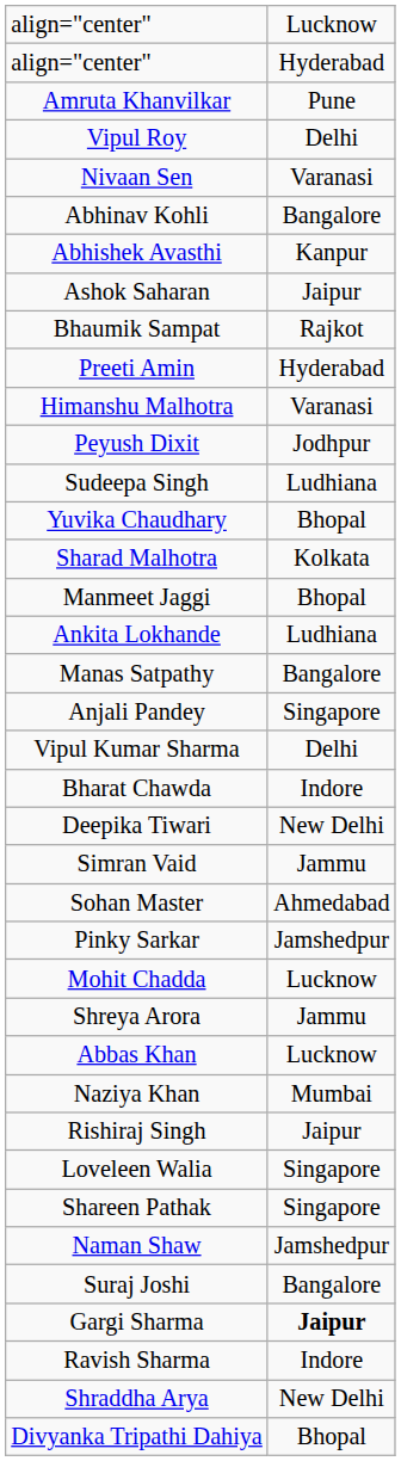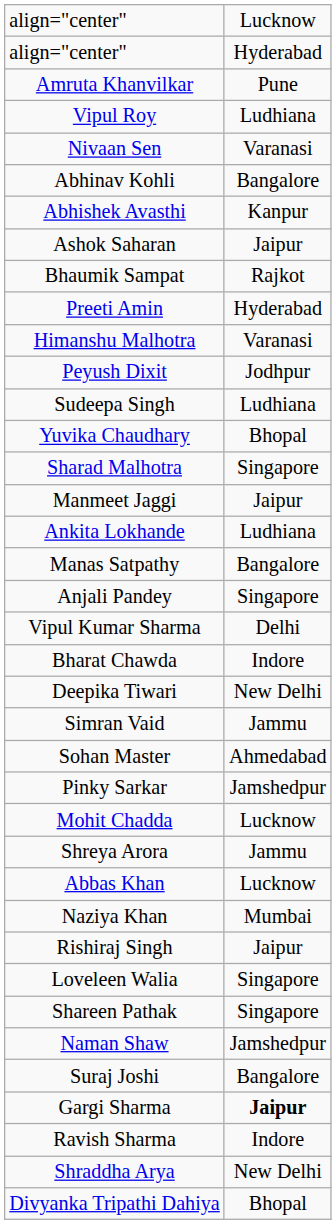 <table class="wikitable">
 <tr>
 <td>align="center" </td>
 <td align="center">Lucknow</td>
 </tr>
 <tr>
 <td>align="center" </td>
 <td align="center">Hyderabad</td>
 </tr>
 <tr>
 <td align="center"><a href='#'>Amruta Khanvilkar</a></td>
 <td align="center">Pune</td>
 </tr>
 <tr>
 <td align="center"><a href='#'>Vipul Roy</a></td>
-<td align="center">Delhi</td>
+<td align="center">Ludhiana</td>
 </tr>
 <tr>
 <td align="center"><a href='#'>Nivaan Sen</a></td>
 <td align="center">Varanasi</td>
 </tr>
 <tr>
 <td align="center">Abhinav Kohli</td>
 <td align="center">Bangalore</td>
 </tr>
 <tr>
 <td align="center"><a href='#'>Abhishek Avasthi</a></td>
 <td align="center">Kanpur</td>
 </tr>
 <tr>
 <td align="center">Ashok Saharan</td>
 <td align="center">Jaipur</td>
 </tr>
 <tr>
 <td align="center">Bhaumik Sampat</td>
 <td align="center">Rajkot</td>
 </tr>
 <tr>
 <td align="center"><a href='#'>Preeti Amin</a></td>
 <td align="center">Hyderabad</td>
 </tr>
 <tr>
 <td align="center"><a href='#'>Himanshu Malhotra</a></td>
 <td align="center">Varanasi</td>
 </tr>
 <tr>
 <td align="center"><a href='#'>Peyush Dixit</a></td>
 <td align="center">Jodhpur</td>
 </tr>
 <tr>
 <td align="center">Sudeepa Singh</td>
 <td align="center">Ludhiana</td>
 </tr>
 <tr>
 <td align="center"><a href='#'>Yuvika Chaudhary</a></td>
 <td align="center">Bhopal</td>
 </tr>
 <tr>
 <td align="center"><a href='#'>Sharad Malhotra</a></td>
-<td align="center">Kolkata</td>
+<td align="center">Singapore</td>
 </tr>
 <tr>
 <td align="center">Manmeet Jaggi</td>
-<td align="center">Bhopal</td>
+<td align="center">Jaipur</td>
 </tr>
 <tr>
 <td align="center"><a href='#'>Ankita Lokhande</a></td>
 <td align="center">Ludhiana</td>
 </tr>
 <tr>
 <td align="center">Manas Satpathy</td>
 <td align="center">Bangalore</td>
 </tr>
 <tr>
 <td align="center">Anjali Pandey</td>
 <td align="center">Singapore</td>
 </tr>
 <tr>
 <td align="center">Vipul Kumar Sharma</td>
 <td align="center">Delhi</td>
 </tr>
 <tr>
 <td align="center">Bharat Chawda</td>
 <td align="center">Indore</td>
 </tr>
 <tr>
 <td align="center">Deepika Tiwari</td>
 <td align="center">New Delhi</td>
 </tr>
 <tr>
 <td align="center">Simran Vaid</td>
 <td align="center">Jammu</td>
 </tr>
 <tr>
 <td align="center">Sohan Master</td>
 <td align="center">Ahmedabad</td>
 </tr>
 <tr>
 <td align="center">Pinky Sarkar</td>
 <td align="center">Jamshedpur</td>
 </tr>
 <tr>
 <td align="center"><a href='#'>Mohit Chadda</a></td>
 <td align="center">Lucknow</td>
 </tr>
 <tr>
 <td align="center">Shreya Arora</td>
 <td align="center">Jammu</td>
 </tr>
 <tr>
 <td align="center"><a href='#'>Abbas Khan</a></td>
 <td align="center">Lucknow</td>
 </tr>
 <tr>
 <td align="center">Naziya Khan</td>
 <td align="center">Mumbai</td>
 </tr>
 <tr>
 <td align="center">Rishiraj Singh</td>
 <td align="center">Jaipur</td>
 </tr>
 <tr>
 <td align="center">Loveleen Walia</td>
 <td align="center">Singapore</td>
 </tr>
 <tr>
 <td align="center">Shareen Pathak</td>
 <td align="center">Singapore</td>
 </tr>
 <tr>
 <td align="center"><a href='#'>Naman Shaw</a></td>
 <td align="center">Jamshedpur</td>
 </tr>
 <tr>
 <td align="center">Suraj Joshi</td>
 <td align="center">Bangalore</td>
 </tr>
 <tr>
 <td align="center">Gargi Sharma</td>
 <td align="center"><strong>Jaipur</strong></td>
 </tr>
 <tr>
 <td align="center">Ravish Sharma</td>
 <td align="center">Indore</td>
 </tr>
 <tr>
 <td align="center"><a href='#'>Shraddha Arya</a></td>
 <td align="center">New Delhi</td>
 </tr>
 <tr>
 <td align="center"><a href='#'>Divyanka Tripathi Dahiya</a></td>
 <td align="center">Bhopal</td>
 </tr>
 </table>
